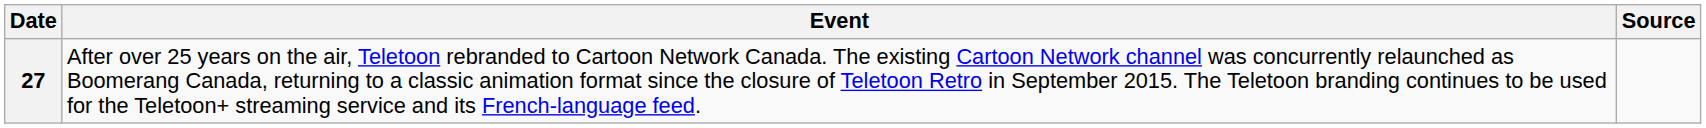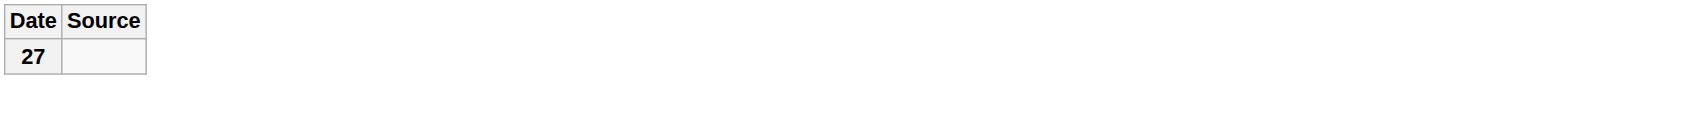 <table class="wikitable">
 <tr>
 <th>Date</th>
-<th>Event</th>
 <th>Source</th>
 </tr>
 <tr>
 <th>27</th>
-<td>After over 25 years on the air, <a href='#'>Teletoon</a> rebranded to Cartoon Network Canada. The existing <a href='#'>Cartoon Network channel</a> was concurrently relaunched as Boomerang Canada, returning to a classic animation format since the closure of <a href='#'>Teletoon Retro</a> in September 2015. The Teletoon branding continues to be used for the Teletoon+ streaming service and its <a href='#'>French-language feed</a>.</td>
 <td></td>
 </tr>
 </table>
